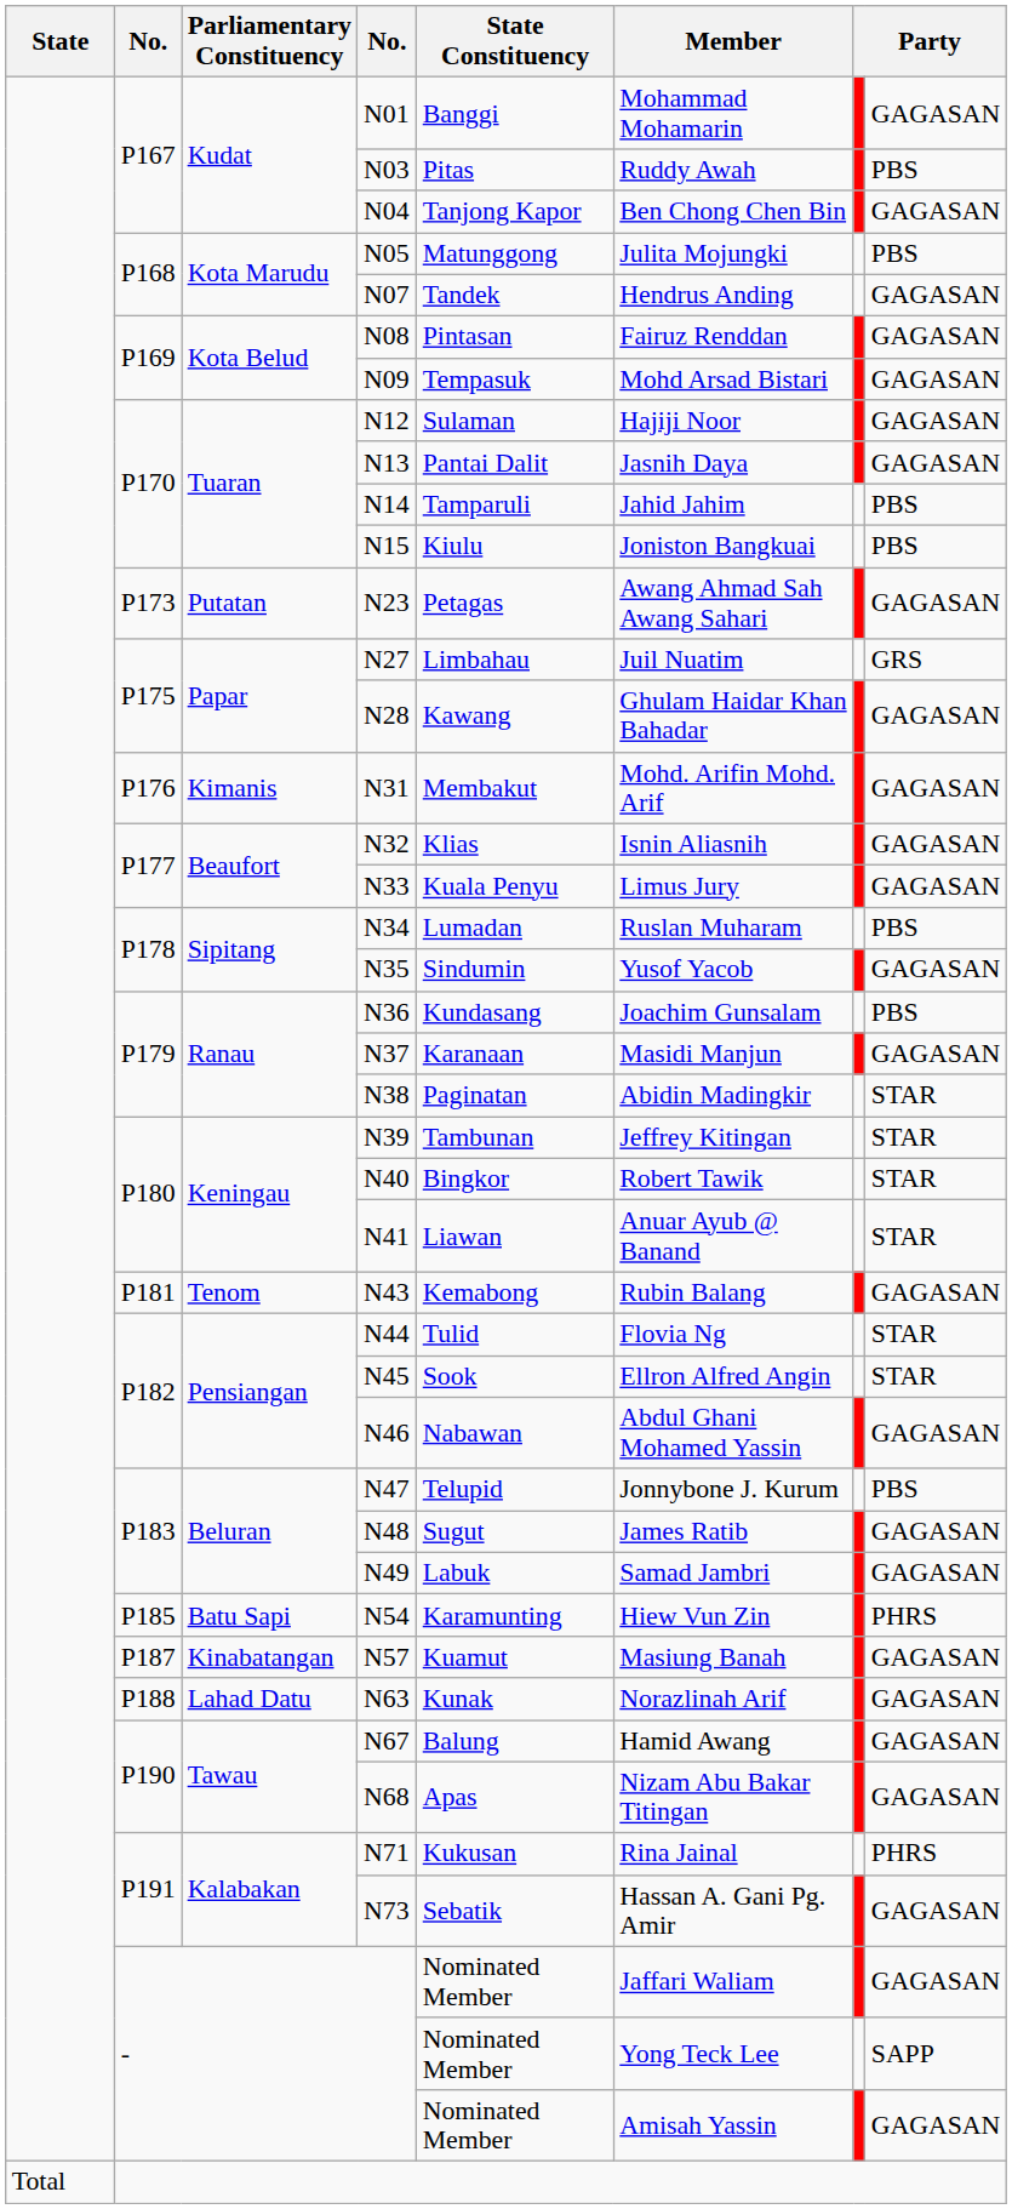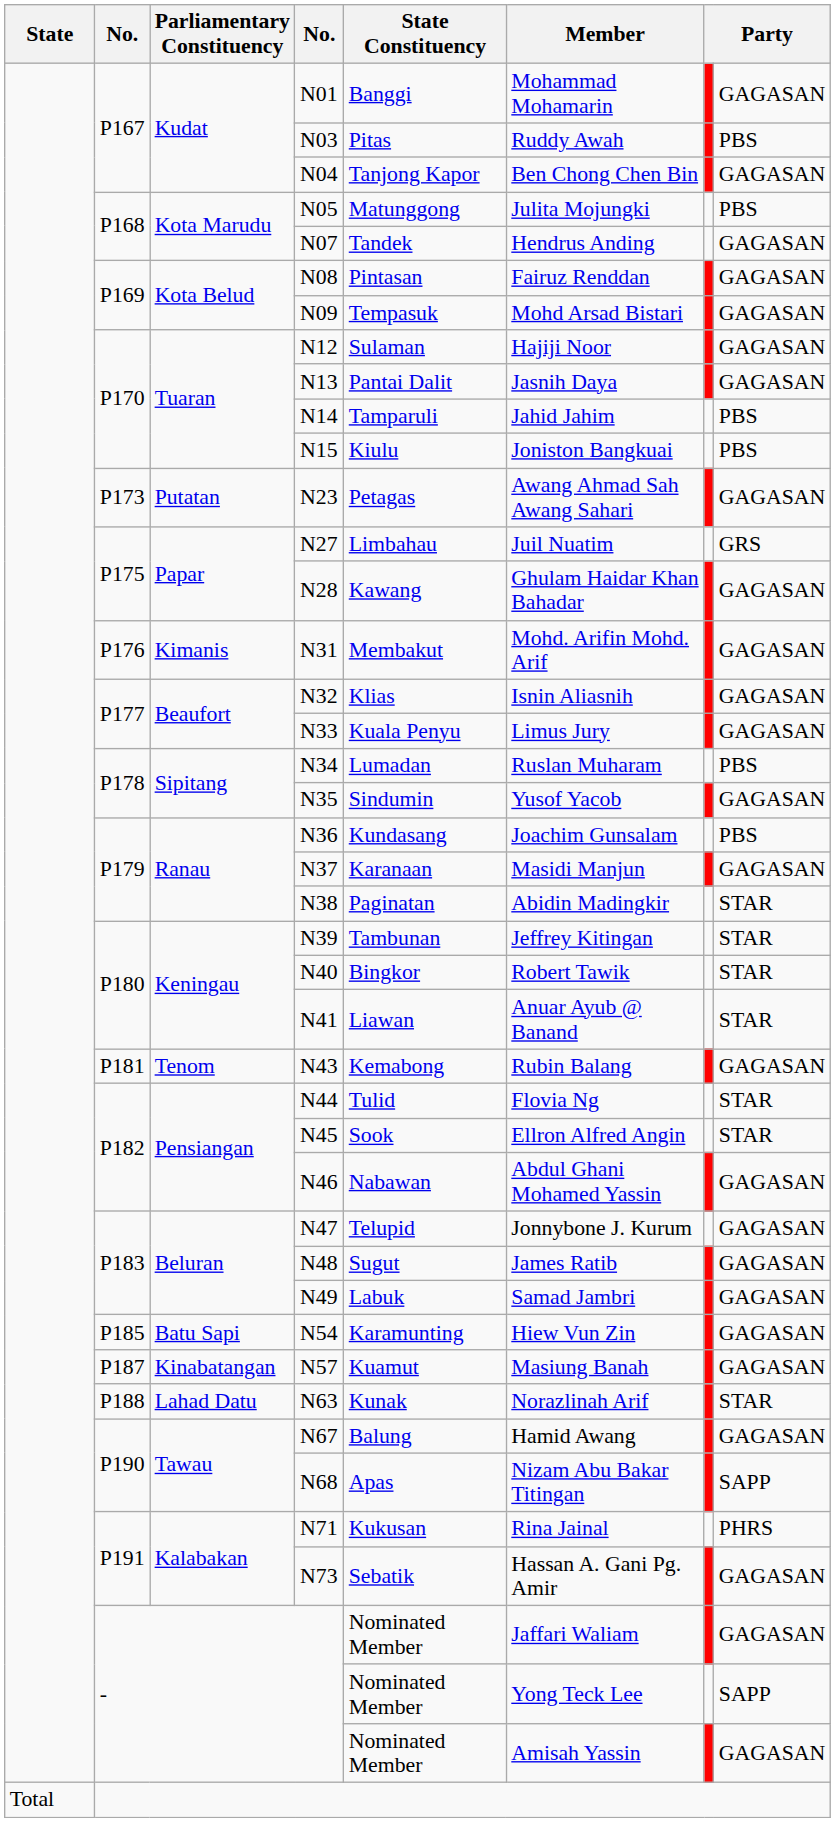 <table class="wikitable sortable">
 <tr>
 <th style="width:100px;">State</th>
 <th>No.</th>
 <th>Parliamentary Constituency</th>
 <th style="width:30px;">No.</th>
 <th style="width:150px;">State Constituency</th>
 <th style="width:240px;">Member</th>
 <th style="width:80px;" colspan=2>Party</th>
 </tr>
 <tr>
 <td rowspan="42"></td>
 <td rowspan="3">P167</td>
 <td rowspan="3"><a href='#'>Kudat</a></td>
 <td>N01</td>
 <td><a href='#'>Banggi</a></td>
 <td><a href='#'>Mohammad Mohamarin</a></td>
 <td style="background:red"></td>
 <td>GAGASAN</td>
 </tr>
 <tr>
 <td>N03</td>
 <td><a href='#'>Pitas</a></td>
 <td><a href='#'>Ruddy Awah</a></td>
 <td style="background:red"></td>
 <td>PBS</td>
 </tr>
 <tr>
 <td>N04</td>
 <td><a href='#'>Tanjong Kapor</a></td>
 <td><a href='#'>Ben Chong Chen Bin</a></td>
 <td style="background:red"></td>
 <td>GAGASAN</td>
 </tr>
 <tr>
 <td rowspan="2">P168</td>
 <td rowspan="2"><a href='#'>Kota Marudu</a></td>
 <td>N05</td>
 <td><a href='#'>Matunggong</a></td>
 <td><a href='#'>Julita Mojungki</a></td>
 <td style="background:"></td>
 <td>PBS</td>
 </tr>
 <tr>
 <td>N07</td>
 <td><a href='#'>Tandek</a></td>
 <td><a href='#'>Hendrus Anding</a></td>
 <td style="background:"></td>
 <td>GAGASAN</td>
 </tr>
 <tr>
 <td rowspan="2">P169</td>
 <td rowspan="2"><a href='#'>Kota Belud</a></td>
 <td>N08</td>
 <td><a href='#'>Pintasan</a></td>
 <td><a href='#'>Fairuz Renddan</a></td>
 <td style="background:red"></td>
 <td>GAGASAN</td>
 </tr>
 <tr>
 <td>N09</td>
 <td><a href='#'>Tempasuk</a></td>
 <td><a href='#'>Mohd Arsad Bistari</a></td>
 <td style="background:red"></td>
 <td>GAGASAN</td>
 </tr>
 <tr>
 <td rowspan="4">P170</td>
 <td rowspan="4"><a href='#'>Tuaran</a></td>
 <td>N12</td>
 <td><a href='#'>Sulaman</a></td>
 <td><a href='#'>Hajiji Noor</a></td>
 <td style="background:red"></td>
 <td>GAGASAN</td>
 </tr>
 <tr>
 <td>N13</td>
 <td><a href='#'>Pantai Dalit</a></td>
 <td><a href='#'>Jasnih Daya</a></td>
 <td style="background:red"></td>
 <td>GAGASAN</td>
 </tr>
 <tr>
 <td>N14</td>
 <td><a href='#'>Tamparuli</a></td>
 <td><a href='#'>Jahid Jahim</a></td>
 <td style="background:"></td>
 <td>PBS</td>
 </tr>
 <tr>
 <td>N15</td>
 <td><a href='#'>Kiulu</a></td>
 <td><a href='#'>Joniston Bangkuai</a></td>
 <td style="background:"></td>
 <td>PBS</td>
 </tr>
 <tr>
 <td>P173</td>
 <td><a href='#'>Putatan</a></td>
 <td>N23</td>
 <td><a href='#'>Petagas</a></td>
 <td><a href='#'>Awang Ahmad Sah Awang Sahari</a></td>
 <td style="background:red"></td>
 <td>GAGASAN</td>
 </tr>
 <tr>
 <td rowspan="2">P175</td>
 <td rowspan="2"><a href='#'>Papar</a></td>
 <td>N27</td>
 <td><a href='#'>Limbahau</a></td>
 <td><a href='#'>Juil Nuatim</a></td>
 <td style="background:"></td>
 <td>GRS</td>
 </tr>
 <tr>
 <td>N28</td>
 <td><a href='#'>Kawang</a></td>
 <td><a href='#'>Ghulam Haidar Khan Bahadar</a></td>
 <td style="background:red"></td>
 <td>GAGASAN</td>
 </tr>
 <tr>
 <td>P176</td>
 <td><a href='#'>Kimanis</a></td>
 <td>N31</td>
 <td><a href='#'>Membakut</a></td>
 <td><a href='#'>Mohd. Arifin Mohd. Arif</a></td>
 <td style="background:red"></td>
 <td>GAGASAN</td>
 </tr>
 <tr>
 <td rowspan="2">P177</td>
 <td rowspan="2"><a href='#'>Beaufort</a></td>
 <td>N32</td>
 <td><a href='#'>Klias</a></td>
 <td><a href='#'>Isnin Aliasnih</a></td>
 <td style="background:red"></td>
 <td>GAGASAN</td>
 </tr>
 <tr>
 <td>N33</td>
 <td><a href='#'>Kuala Penyu</a></td>
 <td><a href='#'>Limus Jury</a></td>
 <td style="background:red"></td>
 <td>GAGASAN</td>
 </tr>
 <tr>
 <td rowspan="2">P178</td>
 <td rowspan="2"><a href='#'>Sipitang</a></td>
 <td>N34</td>
 <td><a href='#'>Lumadan</a></td>
 <td><a href='#'>Ruslan Muharam</a></td>
 <td style="background:"></td>
 <td>PBS</td>
 </tr>
 <tr>
 <td>N35</td>
 <td><a href='#'>Sindumin</a></td>
 <td><a href='#'>Yusof Yacob</a></td>
 <td style="background:red"></td>
 <td>GAGASAN</td>
 </tr>
 <tr>
 <td rowspan="3">P179</td>
 <td rowspan="3"><a href='#'>Ranau</a></td>
 <td>N36</td>
 <td><a href='#'>Kundasang</a></td>
 <td><a href='#'>Joachim Gunsalam</a></td>
 <td style="background:"></td>
 <td>PBS</td>
 </tr>
 <tr>
 <td>N37</td>
 <td><a href='#'>Karanaan</a></td>
 <td><a href='#'>Masidi Manjun</a></td>
 <td style="background:red"></td>
 <td>GAGASAN</td>
 </tr>
 <tr>
 <td>N38</td>
 <td><a href='#'>Paginatan</a></td>
 <td><a href='#'>Abidin Madingkir</a></td>
 <td style="background:"></td>
 <td>STAR</td>
 </tr>
 <tr>
 <td rowspan="3">P180</td>
 <td rowspan="3"><a href='#'>Keningau</a></td>
 <td>N39</td>
 <td><a href='#'>Tambunan</a></td>
 <td><a href='#'>Jeffrey Kitingan</a></td>
 <td style="background:"></td>
 <td>STAR</td>
 </tr>
 <tr>
 <td>N40</td>
 <td><a href='#'>Bingkor</a></td>
 <td><a href='#'>Robert Tawik</a></td>
 <td style="background:"></td>
 <td>STAR</td>
 </tr>
 <tr>
 <td>N41</td>
 <td><a href='#'>Liawan</a></td>
 <td><a href='#'>Anuar Ayub @ Banand</a></td>
 <td style="background:"></td>
 <td>STAR</td>
 </tr>
 <tr>
 <td>P181</td>
 <td><a href='#'>Tenom</a></td>
 <td>N43</td>
 <td><a href='#'>Kemabong</a></td>
 <td><a href='#'>Rubin Balang</a></td>
 <td style="background:red"></td>
 <td>GAGASAN</td>
 </tr>
 <tr>
 <td rowspan="3">P182</td>
 <td rowspan="3"><a href='#'>Pensiangan</a></td>
 <td>N44</td>
 <td><a href='#'>Tulid</a></td>
 <td><a href='#'>Flovia Ng</a></td>
 <td style="background:"></td>
 <td>STAR</td>
 </tr>
 <tr>
 <td>N45</td>
 <td><a href='#'>Sook</a></td>
 <td><a href='#'>Ellron Alfred Angin</a></td>
 <td style="background:"></td>
 <td>STAR</td>
 </tr>
 <tr>
 <td>N46</td>
 <td><a href='#'>Nabawan</a></td>
 <td><a href='#'>Abdul Ghani Mohamed Yassin</a></td>
 <td style="background:red"></td>
 <td>GAGASAN</td>
 </tr>
 <tr>
 <td rowspan="3">P183</td>
 <td rowspan="3"><a href='#'>Beluran</a></td>
 <td>N47</td>
 <td><a href='#'>Telupid</a></td>
 <td>Jonnybone J. Kurum</td>
 <td style="background:"></td>
-<td>PBS</td>
+<td>GAGASAN</td>
 </tr>
 <tr>
 <td>N48</td>
 <td><a href='#'>Sugut</a></td>
 <td><a href='#'>James Ratib</a></td>
 <td style="background:red"></td>
 <td>GAGASAN</td>
 </tr>
 <tr>
 <td>N49</td>
 <td><a href='#'>Labuk</a></td>
 <td><a href='#'>Samad Jambri</a></td>
 <td style="background:red"></td>
 <td>GAGASAN</td>
 </tr>
 <tr>
 <td>P185</td>
 <td><a href='#'>Batu Sapi</a></td>
 <td>N54</td>
 <td><a href='#'>Karamunting</a></td>
 <td><a href='#'>Hiew Vun Zin</a></td>
 <td style="background:red"></td>
-<td>PHRS</td>
+<td>GAGASAN</td>
 </tr>
 <tr>
 <td>P187</td>
 <td><a href='#'>Kinabatangan</a></td>
 <td>N57</td>
 <td><a href='#'>Kuamut</a></td>
 <td><a href='#'>Masiung Banah</a></td>
 <td style="background:red"></td>
 <td>GAGASAN</td>
 </tr>
 <tr>
 <td>P188</td>
 <td><a href='#'>Lahad Datu</a></td>
 <td>N63</td>
 <td><a href='#'>Kunak</a></td>
 <td><a href='#'>Norazlinah Arif</a></td>
 <td style="background:red"></td>
-<td>GAGASAN</td>
+<td>STAR</td>
 </tr>
 <tr>
 <td rowspan="2">P190</td>
 <td rowspan="2"><a href='#'>Tawau</a></td>
 <td>N67</td>
 <td><a href='#'>Balung</a></td>
 <td>Hamid Awang</td>
 <td style="background:red"></td>
 <td>GAGASAN</td>
 </tr>
 <tr>
 <td>N68</td>
 <td><a href='#'>Apas</a></td>
 <td><a href='#'>Nizam Abu Bakar Titingan</a></td>
 <td style="background:red"></td>
-<td>GAGASAN</td>
+<td>SAPP</td>
 </tr>
 <tr>
 <td rowspan=2>P191</td>
 <td rowspan=2><a href='#'>Kalabakan</a></td>
 <td>N71</td>
 <td><a href='#'>Kukusan</a></td>
 <td><a href='#'>Rina Jainal</a></td>
 <td style="background:"></td>
 <td>PHRS</td>
 </tr>
 <tr>
 <td>N73</td>
 <td><a href='#'>Sebatik</a></td>
 <td>Hassan A. Gani Pg. Amir</td>
 <td style="background:red"></td>
 <td>GAGASAN</td>
 </tr>
 <tr>
 <td colspan="3" rowspan="3">-</td>
 <td>Nominated Member</td>
 <td><a href='#'>Jaffari Waliam</a></td>
 <td style="background:red"></td>
 <td>GAGASAN</td>
 </tr>
 <tr>
 <td>Nominated Member</td>
 <td><a href='#'>Yong Teck Lee</a></td>
 <td style="background:"></td>
 <td>SAPP</td>
 </tr>
 <tr>
 <td>Nominated Member</td>
 <td><a href='#'>Amisah Yassin</a></td>
 <td style="background:red"></td>
 <td>GAGASAN</td>
 </tr>
 <tr>
 <td>Total</td>
 <td colspan="7"></td>
 </tr>
 </table>
